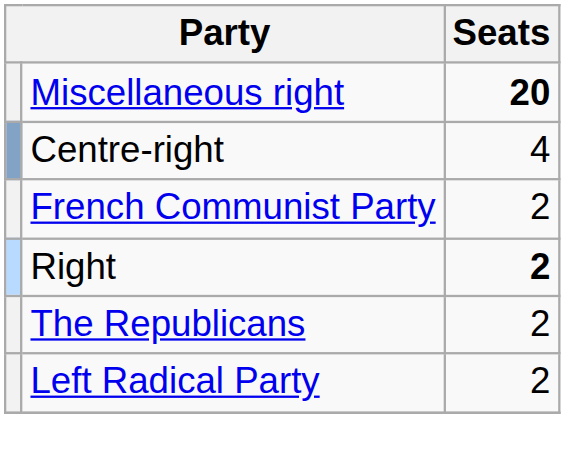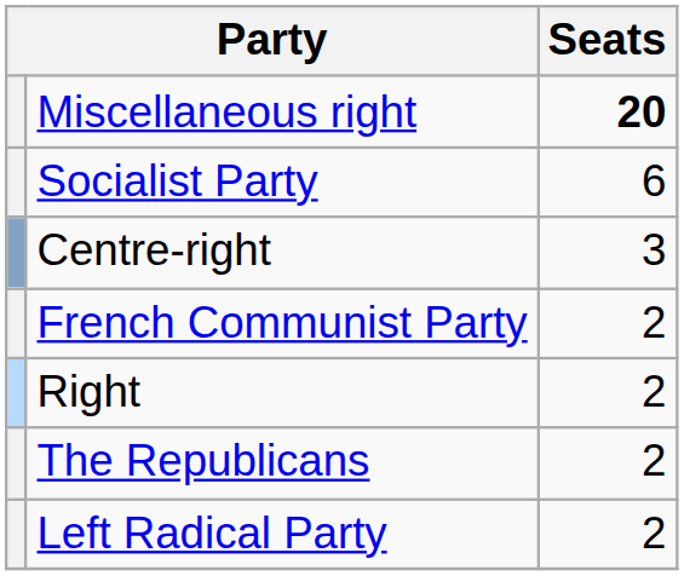 <table class=wikitable>
 <tr>
 <th colspan=2>Party</th>
 <th>Seats</th>
 </tr>
 <tr>
 <th style="background-color: "></th>
 <td><a href='#'>Miscellaneous right</a></td>
 <td align="right"><strong>20</strong></td>
 </tr>
 <tr>
+<th style="background-color: "></th>
+<td><a href='#'>Socialist Party</a></td>
+<td align="right">6</td>
+</tr>
+<tr>
 <th style="background-color: #82A2C6"></th>
 <td>Centre-right</td>
-<td align="right">4</td>
+<td align="right">3</td>
 </tr>
 <tr>
 <th style="background-color: "></th>
 <td><a href='#'>French Communist Party</a></td>
 <td align="right">2</td>
 </tr>
 <tr>
 <th style="background-color: #b9daff"></th>
 <td>Right</td>
-<td align="right"><strong>2</strong></td>
+<td align="right">2</td>
 </tr>
 <tr>
 <th style="background-color: "></th>
 <td><a href='#'>The Republicans</a></td>
 <td align="right">2</td>
 </tr>
 <tr>
 <th style="background-color: "></th>
 <td><a href='#'>Left Radical Party</a></td>
 <td align="right">2</td>
 </tr>
 <tr>
 </tr>
 </table>
